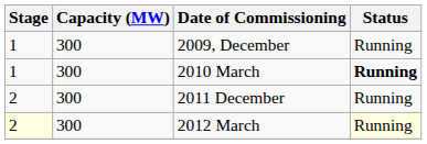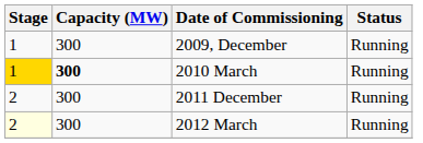 <table class="sortable wikitable">
 <tr>
 <th>Stage</th>
 <th>Capacity (<a href='#'>MW</a>)</th>
 <th>Date of Commissioning</th>
 <th>Status</th>
 </tr>
 <tr>
 <td>1</td>
 <td>300</td>
 <td>2009, December</td>
 <td>Running</td>
 </tr>
 <tr>
-<td>1</td>
-<td>300</td>
+<td style="background: gold;">1</td>
+<td><strong>300</strong></td>
 <td>2010 March</td>
-<td><strong>Running </strong></td>
+<td>Running </td>
 </tr>
 <tr>
 <td>2</td>
 <td>300</td>
 <td>2011 December</td>
 <td>Running</td>
 </tr>
 <tr>
 <td style="background: lightyellow;">2</td>
 <td>300</td>
 <td>2012 March</td>
-<td style="background: lightyellow;">Running </td>
+<td>Running </td>
 </tr>
 <tr>
 </tr>
 </table>
